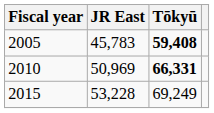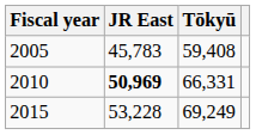 <table class="wikitable">
 <tr>
 <th>Fiscal year</th>
 <th>JR East</th>
 <th>Tōkyū</th>
 <th></th>
 </tr>
 <tr>
 <td>2005</td>
 <td>45,783</td>
-<td><strong>59,408</strong></td>
+<td>59,408</td>
 <td></td>
 </tr>
 <tr>
 <td>2010</td>
-<td>50,969</td>
-<td><strong>66,331</strong></td>
+<td><strong>50,969</strong></td>
+<td>66,331</td>
 <td></td>
 </tr>
 <tr>
 <td>2015</td>
 <td>53,228</td>
 <td>69,249</td>
 <td></td>
 </tr>
 <tr>
 </tr>
 </table>
